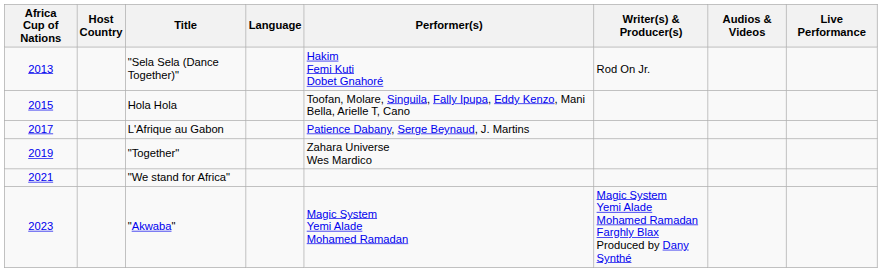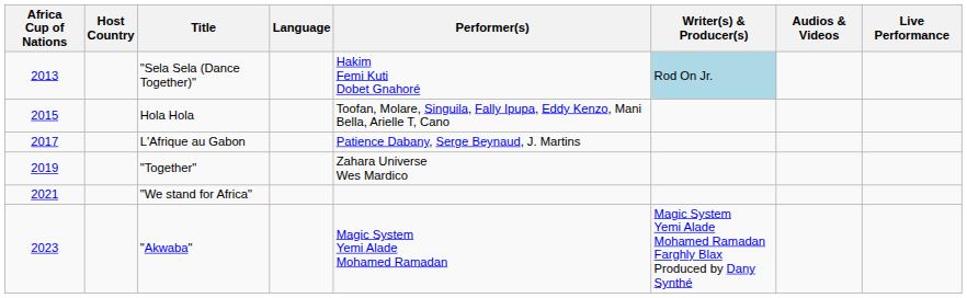 <table class="wikitable sortable" style="text-align:left">
 <tr>
 <th><strong>Africa<br>Cup of Nations </strong></th>
 <th><strong>Host <br>Country</strong></th>
 <th><strong>Title</strong></th>
 <th><strong>Language</strong></th>
 <th><strong>Performer(s)</strong></th>
 <th><strong>Writer(s) & Producer(s)</strong></th>
 <th><strong>Audios & Videos</strong></th>
 <th><strong>Live Performance</strong></th>
 </tr>
 <tr>
 <td style="text-align:center;"><a href='#'>2013</a></td>
 <td></td>
 <td>"Sela Sela (Dance Together)"</td>
 <td></td>
 <td><a href='#'>Hakim</a><br><a href='#'>Femi Kuti</a><br><a href='#'>Dobet Gnahoré</a></td>
-<td>Rod On Jr.</td>
+<td style="background: lightblue;">Rod On Jr.</td>
 <td></td>
 <td></td>
 </tr>
 <tr>
 <td style="text-align:center;"><a href='#'>2015</a></td>
 <td></td>
 <td>Hola Hola</td>
 <td></td>
 <td>Toofan, Molare, <a href='#'>Singuila</a>, <a href='#'>Fally Ipupa</a>, <a href='#'>Eddy Kenzo</a>, Mani Bella, Arielle T, Cano</td>
 <td></td>
 <td></td>
 </tr>
 <tr>
 <td style="text-align:center;"><a href='#'>2017</a></td>
 <td></td>
 <td>L'Afrique au Gabon</td>
 <td></td>
 <td><a href='#'>Patience Dabany</a>, <a href='#'>Serge Beynaud</a>, J. Martins</td>
 <td></td>
 <td></td>
 <td></td>
 </tr>
 <tr>
 <td style="text-align:center;"><a href='#'>2019</a></td>
 <td></td>
 <td>"Together" </td>
 <td></td>
 <td>Zahara Universe<br>Wes Mardico</td>
 <td></td>
 <td></td>
 <td></td>
 </tr>
 <tr>
 <td style="text-align:center;"><a href='#'>2021</a></td>
 <td></td>
 <td>"We stand for Africa"</td>
 <td></td>
 <td></td>
 <td></td>
 <td></td>
 <td></td>
 </tr>
 <tr>
 <td style="text-align:center;"><a href='#'>2023</a></td>
 <td></td>
 <td>"<a href='#'>Akwaba</a>"</td>
 <td></td>
 <td><a href='#'>Magic System</a><br><a href='#'>Yemi Alade</a><br><a href='#'>Mohamed Ramadan</a></td>
 <td><a href='#'>Magic System</a><br><a href='#'>Yemi Alade</a><br><a href='#'>Mohamed Ramadan</a><br><a href='#'>Farghly Blax</a><br>Produced by  <a href='#'>Dany Synthé</a></td>
 <td></td>
 <td></td>
 </tr>
 </table>
